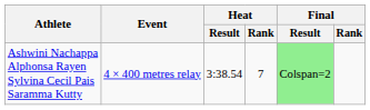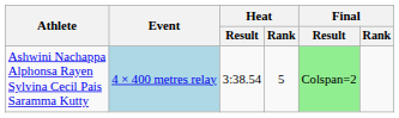 <table class="wikitable" style="font-size:90%">
 <tr>
 <th rowspan="2">Athlete</th>
 <th rowspan="2">Event</th>
 <th colspan="2">Heat</th>
 <th colspan="2">Final</th>
 </tr>
 <tr style="font-size:95%">
 <th>Result</th>
 <th>Rank</th>
 <th>Result</th>
 <th>Rank</th>
 </tr>
 <tr style="text-align:center">
 <td style="text-align:left"><a href='#'>Ashwini Nachappa</a><br><a href='#'>Alphonsa Rayen</a><br><a href='#'>Sylvina Cecil Pais</a><br><a href='#'>Saramma Kutty</a></td>
-<td style="text-align:left"><a href='#'>4 × 400 metres relay</a></td>
+<td style="background: lightblue; text-align:left"><a href='#'>4 × 400 metres relay</a></td>
 <td>3:38.54</td>
-<td>7</td>
+<td>5</td>
 <td style="background: lightgreen;">Colspan=2 </td>
 </tr>
 </table>
